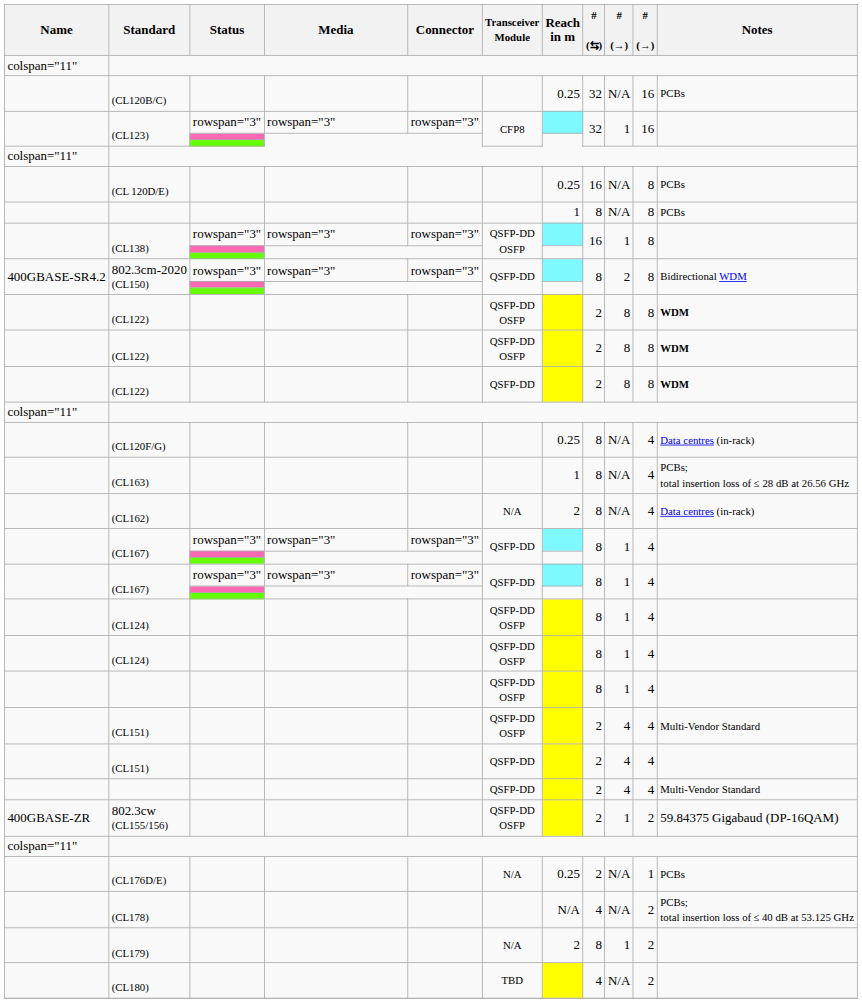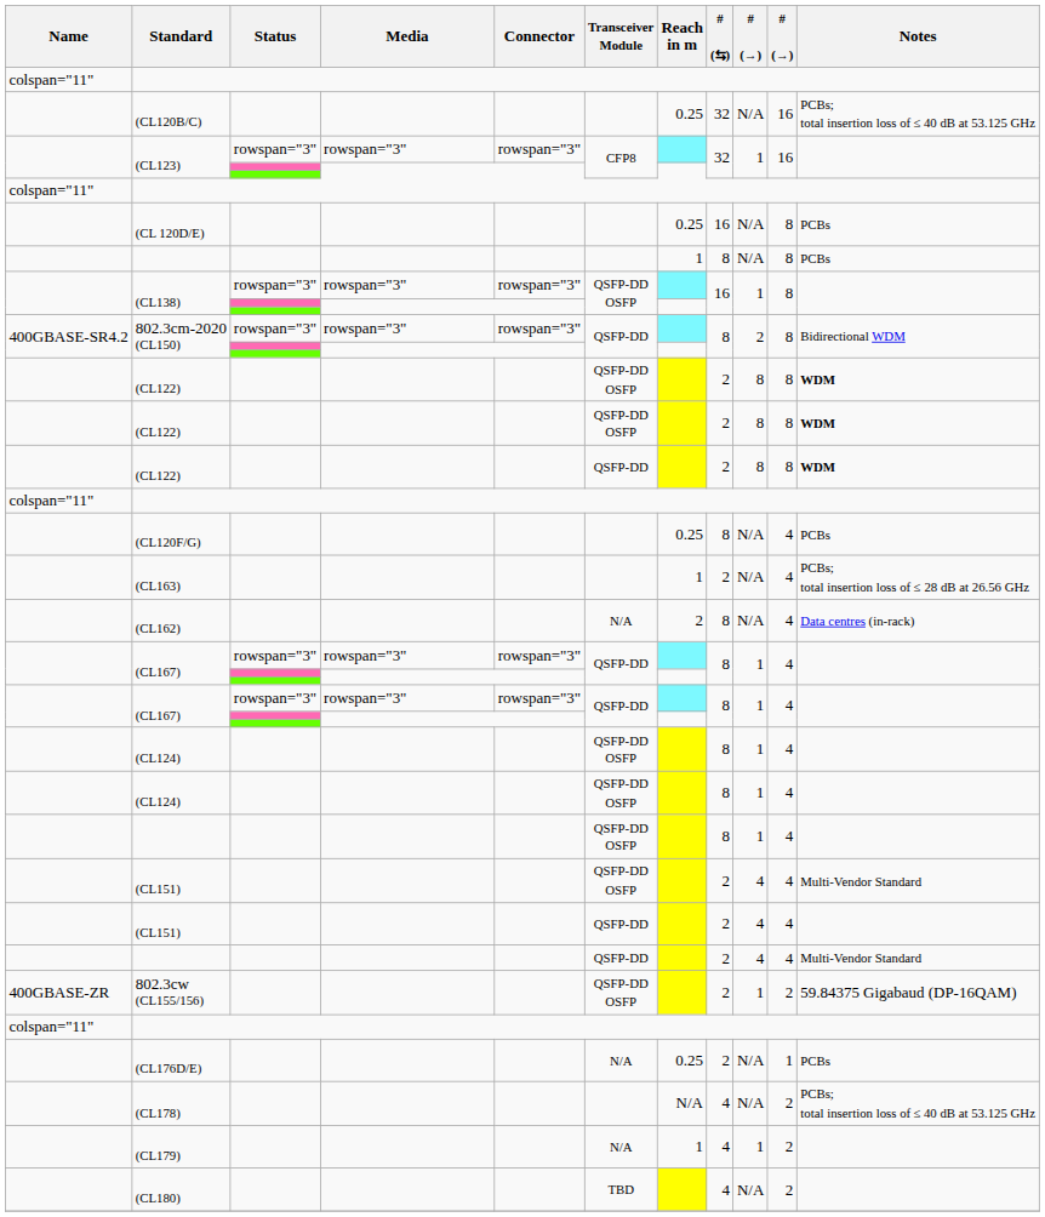 <table class="wikitable" style="line-height:110%;">
 <tr>
 <th>Name</th>
 <th>Standard</th>
 <th>Status</th>
 <th style="width: 170px;">Media</th>
 <th>Connector</th>
 <th><small>Transceiver<br>Module</small></th>
 <th>Reach<br>in m</th>
 <th><small>#<br><br>(⇆)</small></th>
 <th><small>#<br><br>(→)</small></th>
 <th><small>#<br><br>(→)</small></th>
 <th>Notes</th>
 </tr>
 <tr>
 <td>colspan="11"  </td>
 </tr>
 <tr>
 <td></td>
 <td><br><small>(CL120B/C)</small></td>
 <td></td>
 <td></td>
 <td></td>
 <td></td>
 <td style="text-align:right;">0.25</td>
 <td style="text-align:right;">32</td>
 <td style="text-align:right;">N/A</td>
 <td style="text-align:right;">16</td>
-<td><small>PCBs</small></td>
+<td><small>PCBs;<br>total insertion loss of ≤ 40 dB at 53.125 GHz</small></td>
 </tr>
 <tr>
 <td rowspan="3"></td>
 <td rowspan="3"><br><small>(CL123)</small></td>
 <td>rowspan="3" </td>
 <td>rowspan="3" </td>
 <td>rowspan="3" </td>
 <td rowspan="3" align="center"><small>CFP8</small></td>
 <td style="background-color:#7DF9FF"></td>
 <td rowspan="3" align="right">32</td>
 <td rowspan="3" align="right">1</td>
 <td rowspan="3" align="right">16</td>
 <td rowspan="3"></td>
 </tr>
 <tr>
 <td style="background-color:#FF69B4"></td>
 </tr>
 <tr>
 <td style="background-color:#66FF00"></td>
 </tr>
 <tr>
 <td>colspan="11"  </td>
 </tr>
 <tr>
 <td></td>
 <td><br><small>(CL 120D/E)</small></td>
 <td></td>
 <td></td>
 <td></td>
 <td></td>
 <td style="text-align:right;">0.25</td>
 <td style="text-align:right;">16</td>
 <td style="text-align:right;">N/A</td>
 <td style="text-align:right;">8</td>
 <td><small>PCBs</small></td>
 </tr>
 <tr>
 <td></td>
 <td></td>
 <td></td>
 <td></td>
 <td></td>
 <td></td>
 <td style="text-align:right;">1</td>
 <td style="text-align:right;">8</td>
 <td style="text-align:right;">N/A</td>
 <td style="text-align:right;">8</td>
 <td><small>PCBs</small></td>
 </tr>
 <tr>
 <td rowspan="3"></td>
 <td rowspan="3"><br><small>(CL138)</small></td>
 <td>rowspan="3" </td>
 <td>rowspan="3" </td>
 <td>rowspan="3" </td>
 <td rowspan="3" align="center"><small>QSFP-DD<br>OSFP</small></td>
 <td style="background-color:#7DF9FF"></td>
 <td rowspan="3" align="right">16</td>
 <td rowspan="3" align="right">1</td>
 <td rowspan="3" align="right">8</td>
 <td rowspan="3"></td>
 </tr>
 <tr>
 <td style="background-color:#FF69B4"></td>
 </tr>
 <tr>
 <td style="background-color:#66FF00"></td>
 </tr>
 <tr>
 <td rowspan="3">400GBASE-SR4.2<br><small></small></td>
 <td rowspan="3">802.3cm-2020<br><small>(CL150)</small></td>
 <td>rowspan="3" </td>
 <td>rowspan="3" </td>
 <td>rowspan="3" </td>
 <td rowspan="3" align="center"><small>QSFP-DD</small></td>
 <td style="background-color:#7DF9FF"></td>
 <td rowspan="3" align="right">8</td>
 <td rowspan="3" align="right">2</td>
 <td rowspan="3" align="right">8</td>
 <td rowspan="3"><small>Bidirectional <a href='#'>WDM</a></small></td>
 </tr>
 <tr>
 <td style="background-color:#FF69B4"></td>
 </tr>
 <tr>
 <td style="background-color:#66FF00"></td>
 </tr>
 <tr>
 <td></td>
 <td><br><small>(CL122)</small></td>
 <td></td>
 <td></td>
 <td></td>
 <td align="center"><small>QSFP-DD<br>OSFP</small></td>
 <td style="background-color:yellow"></td>
 <td style="text-align:right;">2</td>
 <td style="text-align:right;">8</td>
 <td style="text-align:right;">8</td>
 <td><small><strong>WDM</strong></small></td>
 </tr>
 <tr>
 <td></td>
 <td><br><small>(CL122)</small></td>
 <td></td>
 <td></td>
 <td></td>
 <td align="center"><small>QSFP-DD<br>OSFP</small></td>
 <td style="background-color:yellow"></td>
 <td style="text-align:right;">2</td>
 <td style="text-align:right;">8</td>
 <td style="text-align:right;">8</td>
 <td><small><strong>WDM</strong></small></td>
 </tr>
 <tr>
 <td></td>
 <td><br><small>(CL122)</small></td>
 <td></td>
 <td></td>
 <td></td>
 <td align="center"><small>QSFP-DD</small></td>
 <td style="background-color:yellow"></td>
 <td style="text-align:right;">2</td>
 <td style="text-align:right;">8</td>
 <td style="text-align:right;">8</td>
 <td><small><strong>WDM</strong></small></td>
 </tr>
 <tr>
 <td>colspan="11"  </td>
 </tr>
 <tr>
 <td></td>
 <td><br><small>(CL120F/G)</small></td>
 <td></td>
 <td></td>
 <td></td>
 <td></td>
 <td style="text-align:right;">0.25</td>
 <td style="text-align:right;">8</td>
 <td style="text-align:right;">N/A</td>
 <td style="text-align:right;">4</td>
-<td><small><a href='#'>Data centres</a> (in-rack)</small></td>
+<td><small>PCBs</small></td>
 </tr>
 <tr>
 <td></td>
 <td><br><small>(CL163)</small></td>
 <td></td>
 <td></td>
 <td></td>
 <td></td>
 <td style="text-align:right;">1</td>
-<td style="text-align:right;">8</td>
+<td style="text-align:right;">2</td>
 <td style="text-align:right;">N/A</td>
 <td style="text-align:right;">4</td>
 <td><small>PCBs;<br>total insertion loss of ≤ 28 dB at 26.56 GHz</small></td>
 </tr>
 <tr>
 <td></td>
 <td><br><small>(CL162)</small></td>
 <td></td>
 <td></td>
 <td></td>
 <td align="center"><small>N/A</small></td>
 <td style="text-align:right;">2</td>
 <td style="text-align:right;">8</td>
 <td style="text-align:right;">N/A</td>
 <td style="text-align:right;">4</td>
 <td><small><a href='#'>Data centres</a> (in-rack)</small></td>
 </tr>
 <tr>
 <td rowspan="3"></td>
 <td rowspan="3"><br><small>(CL167)</small></td>
 <td>rowspan="3" </td>
 <td>rowspan="3" </td>
 <td>rowspan="3" </td>
 <td rowspan="3" align="center"><small>QSFP-DD</small></td>
 <td style="background-color:#7DF9FF"></td>
 <td rowspan="3" align="right">8</td>
 <td rowspan="3" align="right">1</td>
 <td rowspan="3" align="right">4</td>
 <td rowspan="3"></td>
 </tr>
 <tr>
 <td style="background-color:#FF69B4"></td>
 </tr>
 <tr>
 <td style="background-color:#66FF00"></td>
 </tr>
 <tr>
 <td rowspan="3"></td>
 <td rowspan="3"><br><small>(CL167)</small></td>
 <td>rowspan="3" </td>
 <td>rowspan="3" </td>
 <td>rowspan="3" </td>
 <td rowspan="3" align="center"><small>QSFP-DD</small></td>
 <td style="background-color:#7DF9FF"></td>
 <td rowspan="3" align="right">8</td>
 <td rowspan="3" align="right">1</td>
 <td rowspan="3" align="right">4</td>
 <td rowspan="3"></td>
 </tr>
 <tr>
 <td style="background-color:#FF69B4"></td>
 </tr>
 <tr>
 <td style="background-color:#66FF00"></td>
 </tr>
 <tr>
 <td></td>
 <td><br><small>(CL124)</small></td>
 <td></td>
 <td></td>
 <td></td>
 <td align="center"><small>QSFP-DD<br>OSFP</small></td>
 <td style="background-color:yellow"></td>
 <td style="text-align:right;">8</td>
 <td style="text-align:right;">1</td>
 <td style="text-align:right;">4</td>
 <td></td>
 </tr>
 <tr>
 <td></td>
 <td><br><small>(CL124)</small></td>
 <td></td>
 <td></td>
 <td></td>
 <td align="center"><small>QSFP-DD<br>OSFP</small></td>
 <td style="background-color:yellow"></td>
 <td style="text-align:right;">8</td>
 <td style="text-align:right;">1</td>
 <td style="text-align:right;">4</td>
 <td></td>
 </tr>
 <tr>
 <td></td>
 <td></td>
 <td></td>
 <td></td>
 <td></td>
 <td align="center"><small>QSFP-DD<br>OSFP</small></td>
 <td style="background-color:yellow"></td>
 <td style="text-align:right;">8</td>
 <td style="text-align:right;">1</td>
 <td style="text-align:right;">4</td>
 <td></td>
 </tr>
 <tr>
 <td></td>
 <td><br><small>(CL151)</small></td>
 <td></td>
 <td></td>
 <td></td>
 <td align="center"><small>QSFP-DD<br>OSFP</small></td>
 <td style="background-color:yellow"></td>
 <td align="right">2</td>
 <td align="right">4</td>
 <td align="right">4</td>
 <td><small>Multi-Vendor Standard</small></td>
 </tr>
 <tr>
 <td></td>
 <td><br><small>(CL151)</small></td>
 <td></td>
 <td></td>
 <td></td>
 <td align="center"><small>QSFP-DD</small></td>
 <td style="background-color:yellow"></td>
 <td align="right">2</td>
 <td align="right">4</td>
 <td align="right">4</td>
 <td></td>
 </tr>
 <tr>
 <td></td>
 <td></td>
 <td></td>
 <td></td>
 <td></td>
 <td align="center"><small>QSFP-DD</small></td>
 <td style="background-color:yellow"></td>
 <td align="right">2</td>
 <td align="right">4</td>
 <td align="right">4</td>
 <td><small>Multi-Vendor Standard</small></td>
 </tr>
 <tr>
 <td>400GBASE-ZR</td>
 <td>802.3cw<br><small>(CL155/156)</small></td>
 <td></td>
 <td></td>
 <td></td>
 <td align="center"><small>QSFP-DD<br>OSFP</small></td>
 <td style="background-color:yellow"></td>
 <td align="right">2</td>
 <td align="right">1</td>
 <td align="right">2</td>
 <td>59.84375 Gigabaud (DP-16QAM)</td>
 </tr>
 <tr>
 <td>colspan="11" </td>
 </tr>
 <tr>
 <td></td>
 <td><br><small>(CL176D/E)</small></td>
 <td></td>
 <td></td>
 <td></td>
 <td align="center"><small>N/A</small></td>
 <td style="text-align:right;">0.25</td>
 <td style="text-align:right;">2</td>
 <td style="text-align:right;">N/A</td>
 <td style="text-align:right;">1</td>
 <td><small>PCBs</small></td>
 </tr>
 <tr>
 <td></td>
 <td><br><small>(CL178)</small></td>
 <td></td>
 <td></td>
 <td></td>
 <td></td>
 <td style="text-align:right;">N/A</td>
 <td style="text-align:right;">4</td>
 <td style="text-align:right;">N/A</td>
 <td style="text-align:right;">2</td>
 <td><small>PCBs;<br>total insertion loss of ≤ 40 dB at 53.125 GHz</small></td>
 </tr>
 <tr>
 <td></td>
 <td><br><small>(CL179)</small></td>
 <td></td>
 <td></td>
 <td></td>
 <td align="center"><small>N/A</small></td>
-<td style="text-align:right;">2</td>
-<td style="text-align:right;">8</td>
+<td style="text-align:right;">1</td>
+<td style="text-align:right;">4</td>
 <td style="text-align:right;">1</td>
 <td style="text-align:right;">2</td>
 <td></td>
 </tr>
 <tr>
 <td></td>
 <td><br><small>(CL180)</small></td>
 <td></td>
 <td></td>
 <td></td>
 <td align="center"><small>TBD</small></td>
 <td style="background-color:#FFFF00"></td>
 <td style="text-align:right;">4</td>
 <td style="text-align:right;">N/A</td>
 <td style="text-align:right;">2</td>
 <td style="text-align:right;"></td>
 </tr>
 <tr>
 </tr>
 </table>
